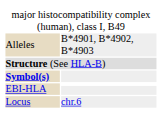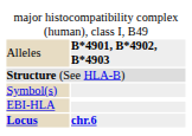 <table id="drugInfoBox" style="float: right; clear: right; margin: 0 0 0.5em 1em; background: #ffffff;" class="toccolours" border=0 cellpadding=0 align=right width="240px">
 <tr>
 <td align="center" colspan="3"></td>
 </tr>
 <tr style="text-align: center; line-height: 1.00;background:#eeeeee">
 <td colspan="3" color="white"></td>
 </tr>
 <tr>
 <td align="center" colspan="2"></td>
 </tr>
 <tr>
 <td align="center" colspan="2"><div>major histocompatibility complex (human), class I, B49</div></td>
 </tr>
 <tr>
 <td bgcolor="#e7dcc3">Alleles</td>
-<td bgcolor="#eeeeee">B*4901, B*4902, B*4903<br></td>
+<td bgcolor="#eeeeee"><strong>B*4901, B*4902, B*4903<br></strong></td>
 </tr>
 <tr>
 <td colspan="2" bgcolor="#dddddd"><strong>Structure</strong> (See <a href='#'>HLA-B</a>)</td>
 </tr>
 <tr>
-<td bgcolor="#e7dcc3"><strong><a href='#'>Symbol(s)</a></strong></td>
+<td bgcolor="#e7dcc3"><a href='#'>Symbol(s)</a></td>
 <td bgcolor="#eeeeee"></td>
 </tr>
 <tr>
 <td bgcolor="#e7dcc3" Rowspan = 3><a href='#'>EBI-HLA</a></td>
 <td bgcolor="#eeeeee"></td>
 </tr>
 <tr>
 <td bgcolor="#eeeeee"></td>
 </tr>
 <tr>
 <td bgcolor="#eeeeee"></td>
 </tr>
 <tr>
-<td bgcolor="#e7dcc3"><a href='#'>Locus</a></td>
-<td bgcolor="#eeeeee"><a href='#'>chr.6</a> <em></em></td>
+<td bgcolor="#e7dcc3"><strong><a href='#'>Locus</a></strong></td>
+<td bgcolor="#eeeeee"><strong><a href='#'>chr.6</a> <em></em></strong></td>
 </tr>
 <tr>
 </tr>
 </table>
